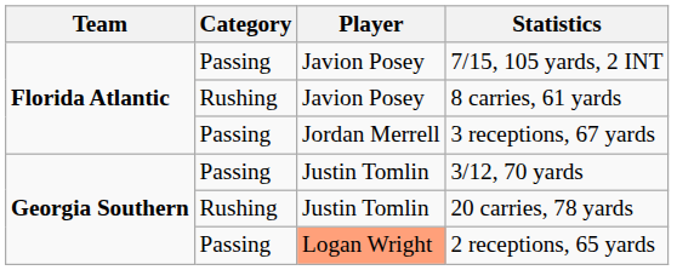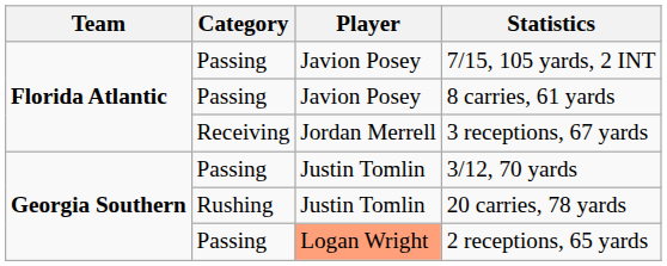 <table class="wikitable" style="float: left;">
 <tr>
 <th>Team</th>
 <th>Category</th>
 <th>Player</th>
 <th>Statistics</th>
 </tr>
 <tr>
 <td rowspan=3><strong>Florida Atlantic</strong></td>
 <td>Passing</td>
 <td>Javion Posey</td>
 <td>7/15, 105 yards, 2 INT</td>
 </tr>
 <tr>
-<td>Rushing</td>
+<td>Passing</td>
 <td>Javion Posey</td>
 <td>8 carries, 61 yards</td>
 </tr>
 <tr>
-<td>Passing</td>
+<td>Receiving</td>
 <td>Jordan Merrell</td>
 <td>3 receptions, 67 yards</td>
 </tr>
 <tr>
 <td rowspan=3><strong>Georgia Southern</strong></td>
 <td>Passing</td>
 <td>Justin Tomlin</td>
 <td>3/12, 70 yards</td>
 </tr>
 <tr>
 <td>Rushing</td>
 <td>Justin Tomlin</td>
 <td>20 carries, 78 yards</td>
 </tr>
 <tr>
 <td>Passing</td>
 <td style="background: lightsalmon;">Logan Wright</td>
 <td>2 receptions, 65 yards</td>
 </tr>
 </table>
